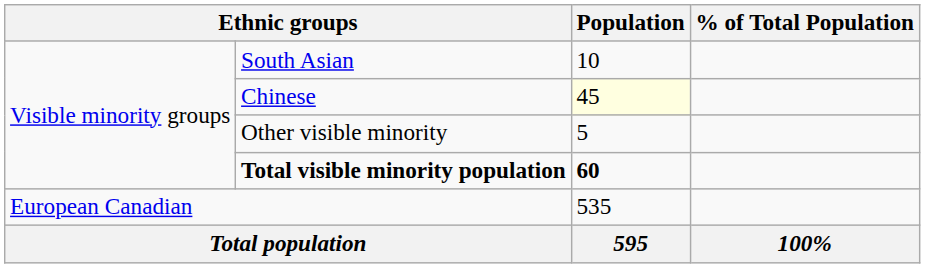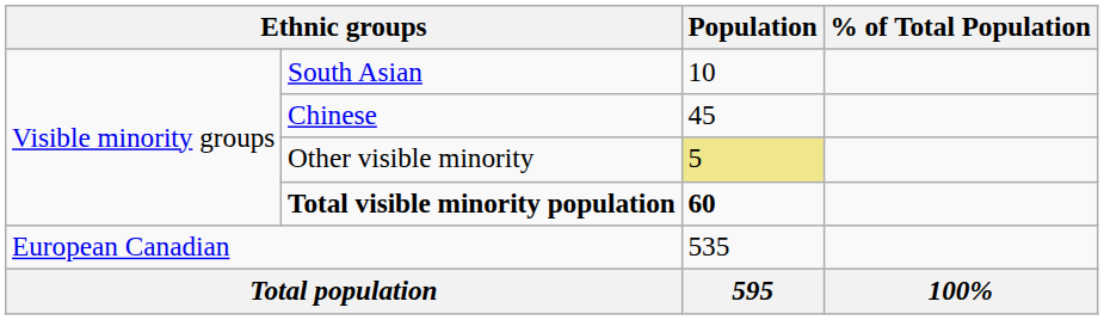 <table class="wikitable">
 <tr>
 <th colspan="2">Ethnic groups</th>
 <th>Population</th>
 <th>% of Total Population</th>
 </tr>
 <tr>
 <td rowspan="4"><a href='#'>Visible minority</a> groups</td>
 <td><a href='#'>South Asian</a></td>
 <td>10</td>
 <td></td>
 </tr>
 <tr>
 <td><a href='#'>Chinese</a></td>
-<td style="background: lightyellow;">45</td>
+<td>45</td>
 <td></td>
 </tr>
 <tr>
 <td>Other visible minority</td>
-<td>5</td>
+<td style="background: khaki;">5</td>
 <td></td>
 </tr>
 <tr>
 <td><strong>Total visible minority population</strong></td>
 <td><strong>60</strong></td>
 <td><strong></strong></td>
 </tr>
 <tr>
 <td colspan="2"><a href='#'>European Canadian</a></td>
 <td>535</td>
 <td></td>
 </tr>
 <tr>
 <th colspan="2"><em>Total population</em></th>
 <th><em>595</em></th>
 <th><em>100%</em></th>
 </tr>
 </table>
